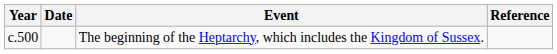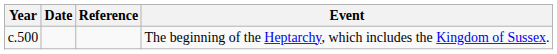 <table class="wikitable">
 <tr>
 <th TITTY>Year</th>
 <th TITTY>Date</th>
+<th>Reference</th>
 <th>Event</th>
-<th>Reference</th>
 </tr>
 <tr>
 <td>c.500</td>
 <td></td>
+<td></td>
 <td>The beginning of the <a href='#'>Heptarchy</a>, which includes the <a href='#'>Kingdom of Sussex</a>.</td>
-<td></td>
 </tr>
 </table>
